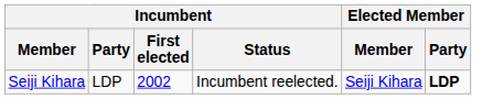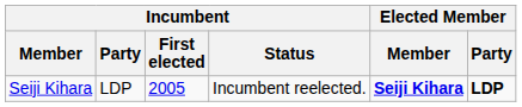 <table class="wikitable sortable">
 <tr>
 <th colspan=4>Incumbent</th>
 <th colspan=2>Elected Member</th>
 </tr>
 <tr>
 <th>Member</th>
 <th>Party</th>
 <th>First<br>elected</th>
 <th>Status</th>
 <th>Member</th>
 <th>Party</th>
 </tr>
 <tr>
 <td><a href='#'>Seiji Kihara</a></td>
 <td>LDP</td>
-<td><a href='#'>2002</a></td>
+<td><a href='#'>2005</a></td>
 <td>Incumbent reelected.</td>
-<td><a href='#'>Seiji Kihara</a></td>
+<td><strong><a href='#'>Seiji Kihara</a></strong></td>
 <td><strong>LDP</strong></td>
 </tr>
 </table>
